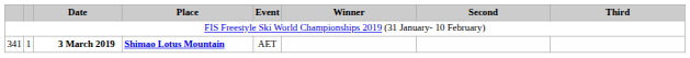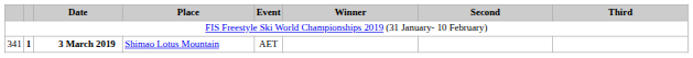 <table class="wikitable plainrowheaders" style="background:#fff; font-size:86%; line-height:16px; border:grey solid 1px; border-collapse:collapse;">
 <tr style="background:#ccc; text-align:center;">
 <th scope="col" style="background:#ccc; width=20 px;"></th>
 <th scope="col" style="background:#ccc; width=30 px;"></th>
 <th scope="col" style="background:#ccc; width:120px;">Date</th>
 <th scope="col" style="background:#ccc; width:180px;">Place</th>
 <th scope="col" style="background:#ccc; width:15px;">Event</th>
 <th scope="col" style="background:#ccc; width:185px;">Winner</th>
 <th scope="col" style="background:#ccc; width:185px;">Second</th>
 <th scope="col" style="background:#ccc; width:185px;">Third</th>
 </tr>
 <tr>
 <td colspan="8"  align="middle"><a href='#'>FIS Freestyle Ski World Championships 2019</a>  (31 January- 10 February)</td>
 </tr>
 <tr>
 <td align="center">341</td>
-<td align="center">1</td>
+<td align="center"><strong>1</strong></td>
 <td align="right"><strong>3 March 2019  </strong></td>
-<td><strong> <a href='#'>Shimao Lotus Mountain</a></strong></td>
+<td> <a href='#'>Shimao Lotus Mountain</a></td>
 <td align="center">AET</td>
 <td></td>
 <td></td>
 <td></td>
 </tr>
 </table>
